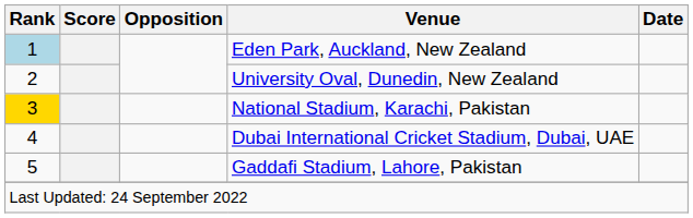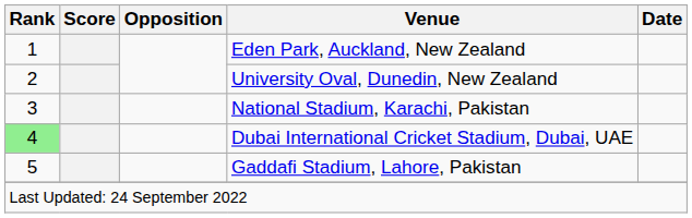 <table class="wikitable plainrowheaders sortable">
 <tr>
 <th scope=col>Rank</th>
 <th scope=col>Score</th>
 <th scope=col>Opposition</th>
 <th scope=col>Venue</th>
 <th scope=col>Date</th>
 </tr>
 <tr>
-<td align="center" style="background: lightblue;">1</td>
+<td align="center">1</td>
 <th scope="row" style="text-align:center;"></th>
 <td rowspan=2></td>
 <td><a href='#'>Eden Park</a>, <a href='#'>Auckland</a>, New Zealand</td>
 <td></td>
 </tr>
 <tr>
 <td align="center">2</td>
 <th scope="row" style="text-align:center;"></th>
 <td><a href='#'>University Oval</a>, <a href='#'>Dunedin</a>, New Zealand</td>
 <td></td>
 </tr>
 <tr>
-<td align="center" style="background: gold;">3</td>
+<td align="center">3</td>
 <th scope="row" style="text-align:center;"></th>
 <td></td>
 <td><a href='#'>National Stadium</a>, <a href='#'>Karachi</a>, Pakistan</td>
 <td></td>
 </tr>
 <tr>
-<td align="center">4</td>
+<td align="center" style="background: lightgreen;">4</td>
 <th scope="row" style="text-align:center;"></th>
 <td></td>
 <td><a href='#'>Dubai International Cricket Stadium</a>, <a href='#'>Dubai</a>, UAE</td>
 <td></td>
 </tr>
 <tr>
 <td align="center">5</td>
 <th scope="row" style="text-align:center;"></th>
 <td></td>
 <td><a href='#'>Gaddafi Stadium</a>, <a href='#'>Lahore</a>, Pakistan</td>
 <td></td>
 </tr>
 <tr>
 </tr>
 <tr class=sortbottom>
 <td colspan=5><small>Last Updated: 24 September 2022</small></td>
 </tr>
 </table>
